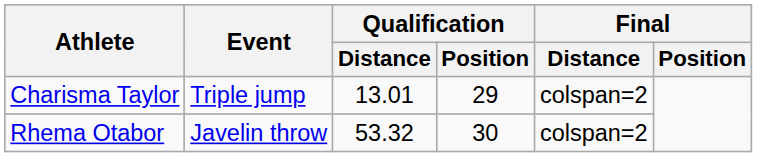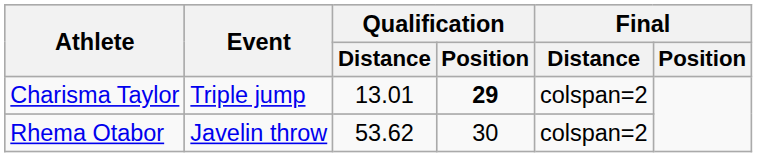 <table class=wikitable style=font-size:90%>
 <tr>
 <th rowspan=2>Athlete</th>
 <th rowspan=2>Event</th>
 <th colspan=2>Qualification</th>
 <th colspan=2>Final</th>
 </tr>
 <tr style=font-size:95%>
 <th>Distance</th>
 <th>Position</th>
 <th>Distance</th>
 <th>Position</th>
 </tr>
 <tr align=center>
 <td align=left><a href='#'>Charisma Taylor</a></td>
 <td align=left><a href='#'>Triple jump</a></td>
 <td>13.01</td>
-<td>29</td>
+<td><strong>29</strong></td>
 <td>colspan=2 </td>
 </tr>
 <tr align=center>
 <td align=left><a href='#'>Rhema Otabor</a></td>
 <td align=left><a href='#'>Javelin throw</a></td>
-<td>53.32</td>
+<td>53.62</td>
 <td>30</td>
 <td>colspan=2 </td>
 </tr>
 </table>
